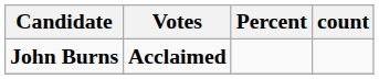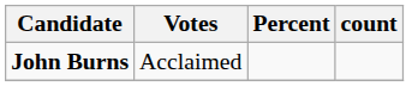 <table class="wikitable">
 <tr>
 <th>Candidate</th>
 <th>Votes</th>
 <th>Percent</th>
 <th>count</th>
 </tr>
 <tr>
 <td style="font-weight:bold;">John Burns</td>
-<td style="text-align:right;"><strong>Acclaimed</strong></td>
+<td style="text-align:right;">Acclaimed</td>
 <td style="text-align:right;"></td>
 <td style="text-align:right;"></td>
 </tr>
 <tr>
 </tr>
 </table>
